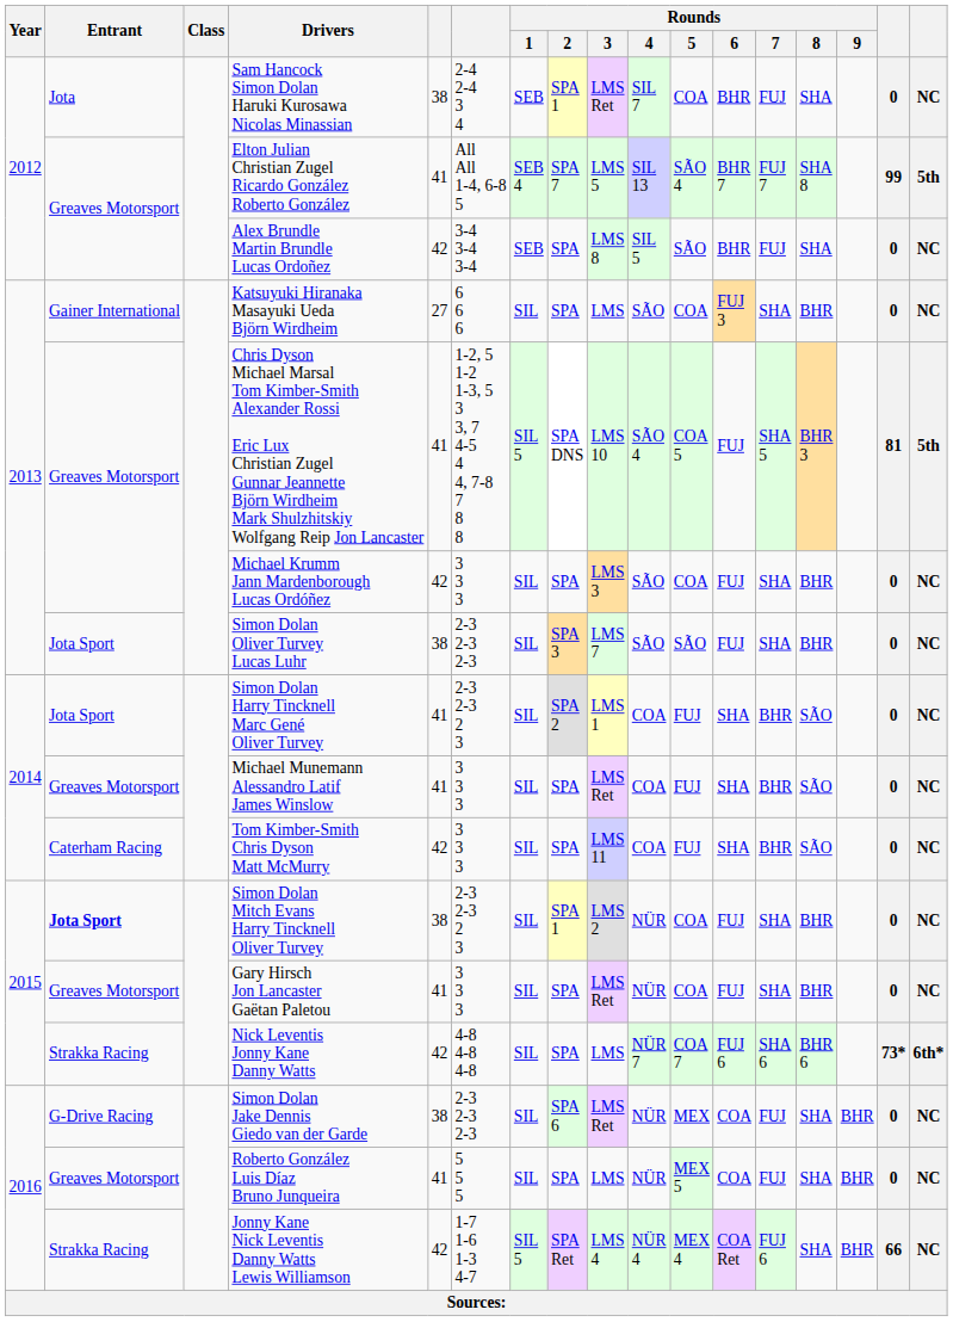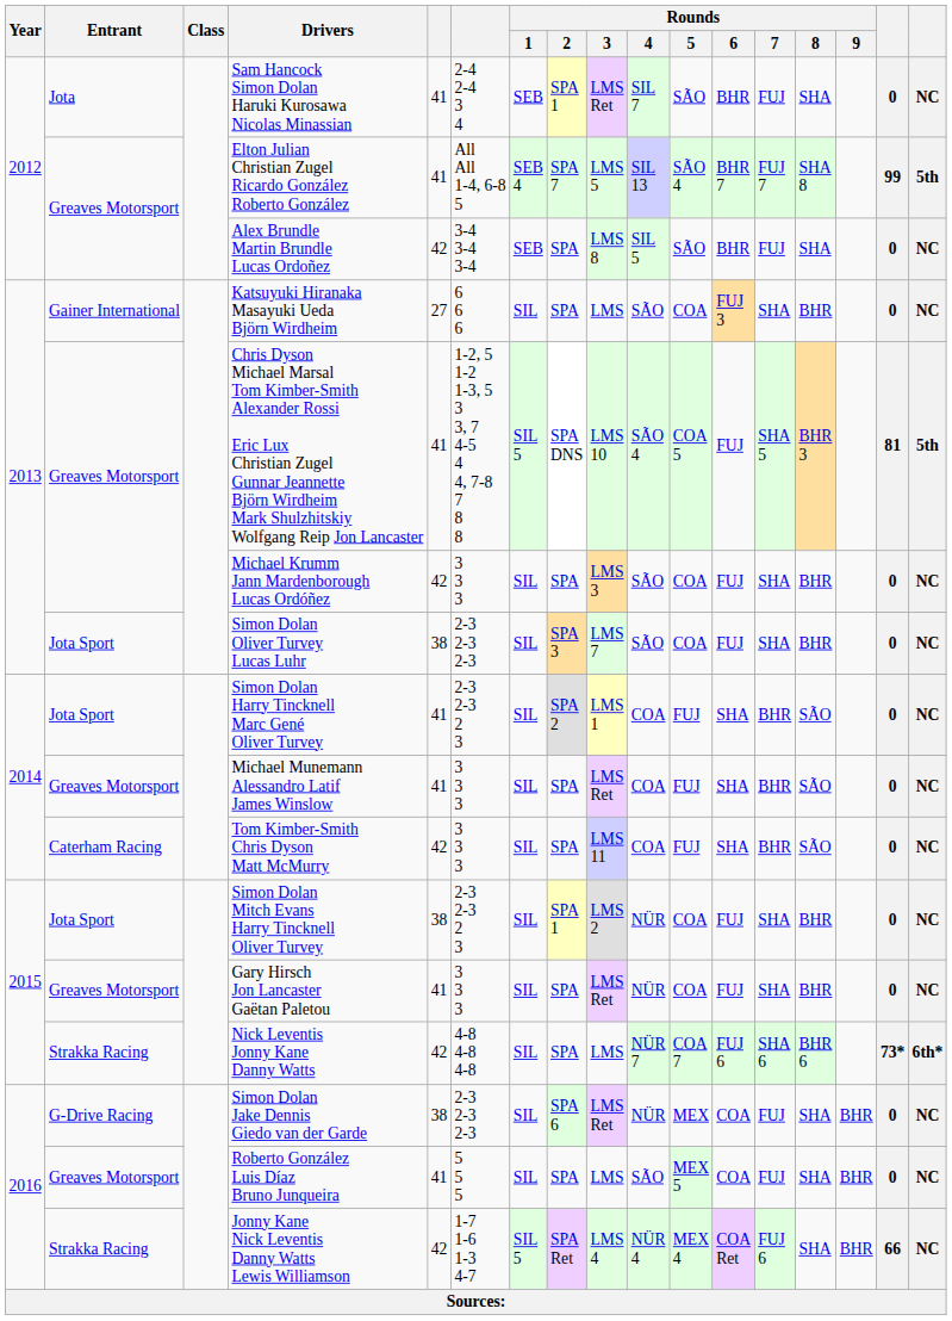 <table class="wikitable">
 <tr>
 <th rowspan="2">Year</th>
 <th rowspan="2">Entrant</th>
 <th rowspan="2">Class</th>
 <th rowspan="2">Drivers</th>
 <th rowspan="2"></th>
 <th rowspan="2"></th>
 <th colspan="9">Rounds</th>
 <th rowspan="2"></th>
 <th rowspan="2"></th>
 </tr>
 <tr>
 <th>1</th>
 <th>2</th>
 <th>3</th>
 <th>4</th>
 <th>5</th>
 <th>6</th>
 <th>7</th>
 <th>8</th>
 <th>9</th>
 </tr>
 <tr>
 <td rowspan="3"><a href='#'>2012</a></td>
 <td> <a href='#'>Jota</a></td>
 <td rowspan="3"></td>
 <td> <a href='#'>Sam Hancock</a><br> <a href='#'>Simon Dolan</a><br> Haruki Kurosawa<br> <a href='#'>Nicolas Minassian</a></td>
-<td>38</td>
+<td>41</td>
 <td>2-4<br>2-4<br>3<br>4</td>
 <td><a href='#'>SEB</a><br></td>
 <td style="background:#FFFFBF;”"><a href='#'>SPA</a><br>1</td>
 <td style="background:#EFCFFF;"><a href='#'>LMS</a><br>Ret</td>
 <td style="background:#DFFFDF;"><a href='#'>SIL</a><br>7</td>
-<td><a href='#'>COA</a><br></td>
+<td><a href='#'>SÃO</a><br></td>
 <td><a href='#'>BHR</a><br></td>
 <td><a href='#'>FUJ</a><br></td>
 <td><a href='#'>SHA</a><br></td>
 <td></td>
 <th>0</th>
 <th>NC</th>
 </tr>
 <tr>
 <td rowspan="2"> <a href='#'>Greaves Motorsport</a></td>
 <td> <a href='#'>Elton Julian</a><br> Christian Zugel<br> <a href='#'>Ricardo González</a><br> <a href='#'>Roberto González</a></td>
 <td>41</td>
 <td>All<br>All<br>1-4, 6-8<br>5</td>
 <td style="background:#DFFFDF;"><a href='#'>SEB</a><br>4</td>
 <td style="background:#DFFFDF;"><a href='#'>SPA</a><br>7</td>
 <td style="background:#DFFFDF;"><a href='#'>LMS</a><br>5</td>
 <td style="background:#CFCFFF;”"><a href='#'>SIL</a><br>13</td>
 <td style="background:#DFFFDF;"><a href='#'>SÃO</a><br>4</td>
 <td style="background:#DFFFDF;"><a href='#'>BHR</a><br>7</td>
 <td style="background:#DFFFDF;"><a href='#'>FUJ</a><br>7</td>
 <td style="background:#DFFFDF;"><a href='#'>SHA</a><br>8</td>
 <td></td>
 <th>99</th>
 <th>5th</th>
 </tr>
 <tr>
 <td> <a href='#'>Alex Brundle</a><br> <a href='#'>Martin Brundle</a><br> <a href='#'>Lucas Ordoñez</a></td>
 <td>42</td>
 <td>3-4<br>3-4<br>3-4</td>
 <td><a href='#'>SEB</a><br></td>
 <td><a href='#'>SPA</a><br></td>
 <td style="background:#DFFFDF;"><a href='#'>LMS</a><br>8</td>
 <td style="background:#DFFFDF;"><a href='#'>SIL</a><br>5</td>
 <td><a href='#'>SÃO</a><br></td>
 <td><a href='#'>BHR</a><br></td>
 <td><a href='#'>FUJ</a><br></td>
 <td><a href='#'>SHA</a><br></td>
 <td></td>
 <th>0</th>
 <th>NC</th>
 </tr>
 <tr>
 <td rowspan="4"><a href='#'>2013</a></td>
 <td> <a href='#'>Gainer International</a></td>
 <td rowspan="4"></td>
 <td> <a href='#'>Katsuyuki Hiranaka</a><br> Masayuki Ueda<br> <a href='#'>Björn Wirdheim</a></td>
 <td>27</td>
 <td>6<br>6<br>6</td>
 <td><a href='#'>SIL</a><br></td>
 <td><a href='#'>SPA</a><br></td>
 <td><a href='#'>LMS</a><br></td>
 <td><a href='#'>SÃO</a><br></td>
 <td><a href='#'>COA</a><br></td>
 <td style="background:#FFDF9F;”"><a href='#'>FUJ</a><br>3</td>
 <td><a href='#'>SHA</a><br></td>
 <td><a href='#'>BHR</a><br></td>
 <td></td>
 <th>0</th>
 <th>NC</th>
 </tr>
 <tr>
 <td rowspan="2"> <a href='#'>Greaves Motorsport</a></td>
 <td> <a href='#'>Chris Dyson</a><br> Michael Marsal<br> <a href='#'>Tom Kimber-Smith</a><br> <a href='#'>Alexander Rossi</a><br><br> <a href='#'>Eric Lux</a><br> Christian Zugel<br> <a href='#'>Gunnar Jeannette</a><br> <a href='#'>Björn Wirdheim</a><br> <a href='#'>Mark Shulzhitskiy</a><br> Wolfgang Reip  <a href='#'>Jon Lancaster</a></td>
 <td>41</td>
 <td>1-2, 5<br>1-2<br>1-3, 5<br>3<br>3, 7<br>4-5<br>4<br>4, 7-8<br>7<br>8<br>8</td>
 <td style="background:#DFFFDF;"><a href='#'>SIL</a><br>5</td>
 <td style="background:#ffffff;”"><a href='#'>SPA</a><br>DNS</td>
 <td style="background:#DFFFDF;"><a href='#'>LMS</a><br>10</td>
 <td style="background:#DFFFDF;"><a href='#'>SÃO</a><br>4</td>
 <td style="background:#DFFFDF;"><a href='#'>COA</a><br>5</td>
 <td><a href='#'>FUJ</a><br></td>
 <td style="background:#DFFFDF;"><a href='#'>SHA</a><br>5</td>
 <td style="background:#FFDF9F;”"><a href='#'>BHR</a><br>3</td>
 <td></td>
 <th>81</th>
 <th>5th</th>
 </tr>
 <tr>
 <td> <a href='#'>Michael Krumm</a><br> <a href='#'>Jann Mardenborough</a><br> <a href='#'>Lucas Ordóñez</a></td>
 <td>42</td>
 <td>3<br>3<br>3</td>
 <td><a href='#'>SIL</a><br></td>
 <td><a href='#'>SPA</a><br></td>
 <td style="background:#FFDF9F;”"><a href='#'>LMS</a><br>3</td>
 <td><a href='#'>SÃO</a><br></td>
 <td><a href='#'>COA</a><br></td>
 <td><a href='#'>FUJ</a><br></td>
 <td><a href='#'>SHA</a><br></td>
 <td><a href='#'>BHR</a><br></td>
 <td></td>
 <th>0</th>
 <th>NC</th>
 </tr>
 <tr>
 <td> <a href='#'>Jota Sport</a></td>
 <td> <a href='#'>Simon Dolan</a><br> <a href='#'>Oliver Turvey</a><br> <a href='#'>Lucas Luhr</a></td>
 <td>38</td>
 <td>2-3<br>2-3<br>2-3</td>
 <td><a href='#'>SIL</a><br></td>
 <td style="background:#FFDF9F;”"><a href='#'>SPA</a><br>3</td>
 <td style="background:#DFFFDF;"><a href='#'>LMS</a><br>7</td>
 <td><a href='#'>SÃO</a><br></td>
-<td><a href='#'>SÃO</a><br></td>
+<td><a href='#'>COA</a><br></td>
 <td><a href='#'>FUJ</a><br></td>
 <td><a href='#'>SHA</a><br></td>
 <td><a href='#'>BHR</a><br></td>
 <td></td>
 <th>0</th>
 <th>NC</th>
 </tr>
 <tr>
 <td rowspan="3"><a href='#'>2014</a></td>
 <td> <a href='#'>Jota Sport</a></td>
 <td rowspan="3"></td>
 <td> <a href='#'>Simon Dolan</a><br> <a href='#'>Harry Tincknell</a><br> <a href='#'>Marc Gené</a><br> <a href='#'>Oliver Turvey</a></td>
 <td>41</td>
 <td>2-3<br>2-3<br>2<br>3</td>
 <td><a href='#'>SIL</a><br></td>
 <td style="background:#DFDFDF;”"><a href='#'>SPA</a><br>2</td>
 <td style="background:#FFFFBF;”"><a href='#'>LMS</a><br>1</td>
 <td><a href='#'>COA</a><br></td>
 <td><a href='#'>FUJ</a><br></td>
 <td><a href='#'>SHA</a><br></td>
 <td><a href='#'>BHR</a><br></td>
 <td><a href='#'>SÃO</a><br></td>
 <td></td>
 <th>0</th>
 <th>NC</th>
 </tr>
 <tr>
 <td> <a href='#'>Greaves Motorsport</a></td>
 <td> Michael Munemann<br> <a href='#'>Alessandro Latif</a><br> <a href='#'>James Winslow</a></td>
 <td>41</td>
 <td>3<br>3<br>3</td>
 <td><a href='#'>SIL</a><br></td>
 <td><a href='#'>SPA</a><br></td>
 <td style="background:#EFCFFF;"><a href='#'>LMS</a><br>Ret</td>
 <td><a href='#'>COA</a><br></td>
 <td><a href='#'>FUJ</a><br></td>
 <td><a href='#'>SHA</a><br></td>
 <td><a href='#'>BHR</a><br></td>
 <td><a href='#'>SÃO</a><br></td>
 <td></td>
 <th>0</th>
 <th>NC</th>
 </tr>
 <tr>
 <td> <a href='#'>Caterham Racing</a></td>
 <td> <a href='#'>Tom Kimber-Smith</a><br> <a href='#'>Chris Dyson</a><br> <a href='#'>Matt McMurry</a></td>
 <td>42</td>
 <td>3<br>3<br>3</td>
 <td><a href='#'>SIL</a><br></td>
 <td><a href='#'>SPA</a><br></td>
 <td style="background:#CFCFFF;”"><a href='#'>LMS</a><br>11</td>
 <td><a href='#'>COA</a><br></td>
 <td><a href='#'>FUJ</a><br></td>
 <td><a href='#'>SHA</a><br></td>
 <td><a href='#'>BHR</a><br></td>
 <td><a href='#'>SÃO</a><br></td>
 <td></td>
 <th>0</th>
 <th>NC</th>
 </tr>
 <tr>
 <td rowspan="3"><a href='#'>2015</a></td>
-<td><strong> <a href='#'>Jota Sport</a></strong></td>
+<td> <a href='#'>Jota Sport</a></td>
 <td rowspan="3"></td>
 <td> <a href='#'>Simon Dolan</a><br> <a href='#'>Mitch Evans</a><br> <a href='#'>Harry Tincknell</a><br> <a href='#'>Oliver Turvey</a></td>
 <td>38</td>
 <td>2-3<br>2-3<br>2<br>3</td>
 <td><a href='#'>SIL</a><br></td>
 <td style="background:#FFFFBF;”"><a href='#'>SPA</a><br>1</td>
 <td style="background:#DFDFDF;”"><a href='#'>LMS</a><br>2</td>
 <td><a href='#'>NÜR</a><br></td>
 <td><a href='#'>COA</a><br></td>
 <td><a href='#'>FUJ</a><br></td>
 <td><a href='#'>SHA</a><br></td>
 <td><a href='#'>BHR</a><br></td>
 <td></td>
 <th>0</th>
 <th>NC</th>
 </tr>
 <tr>
 <td> <a href='#'>Greaves Motorsport</a></td>
 <td> Gary Hirsch<br> <a href='#'>Jon Lancaster</a><br> Gaëtan Paletou</td>
 <td>41</td>
 <td>3<br>3<br>3</td>
 <td><a href='#'>SIL</a><br></td>
 <td><a href='#'>SPA</a><br></td>
 <td style="background:#EFCFFF;"><a href='#'>LMS</a><br>Ret</td>
 <td><a href='#'>NÜR</a><br></td>
 <td><a href='#'>COA</a><br></td>
 <td><a href='#'>FUJ</a><br></td>
 <td><a href='#'>SHA</a><br></td>
 <td><a href='#'>BHR</a><br></td>
 <td></td>
 <th>0</th>
 <th>NC</th>
 </tr>
 <tr>
 <td> <a href='#'>Strakka Racing</a></td>
 <td> <a href='#'>Nick Leventis</a><br> <a href='#'>Jonny Kane</a><br> <a href='#'>Danny Watts</a></td>
 <td>42</td>
 <td>4-8<br>4-8<br>4-8</td>
 <td><a href='#'>SIL</a><br></td>
 <td><a href='#'>SPA</a><br></td>
 <td><a href='#'>LMS</a><br></td>
 <td style="background:#DFFFDF;"><a href='#'>NÜR</a><br>7</td>
 <td style="background:#DFFFDF;"><a href='#'>COA</a><br>7</td>
 <td style="background:#DFFFDF;"><a href='#'>FUJ</a><br>6</td>
 <td style="background:#DFFFDF;"><a href='#'>SHA</a><br>6</td>
 <td style="background:#DFFFDF;"><a href='#'>BHR</a><br>6</td>
 <td></td>
 <th>73*</th>
 <th>6th*</th>
 </tr>
 <tr>
 <td rowspan="3"><a href='#'>2016</a></td>
 <td> <a href='#'>G-Drive Racing</a></td>
 <td rowspan="3"></td>
 <td> <a href='#'>Simon Dolan</a><br> <a href='#'>Jake Dennis</a><br> <a href='#'>Giedo van der Garde</a></td>
 <td>38</td>
 <td>2-3<br>2-3<br>2-3</td>
 <td><a href='#'>SIL</a><br></td>
 <td style="background:#DFFFDF;"><a href='#'>SPA</a><br>6</td>
 <td style="background:#EFCFFF;"><a href='#'>LMS</a><br>Ret</td>
 <td><a href='#'>NÜR</a><br></td>
 <td><a href='#'>MEX</a><br></td>
 <td><a href='#'>COA</a><br></td>
 <td><a href='#'>FUJ</a><br></td>
 <td><a href='#'>SHA</a><br></td>
 <td><a href='#'>BHR</a><br></td>
 <th>0</th>
 <th>NC</th>
 </tr>
 <tr>
 <td> <a href='#'>Greaves Motorsport</a></td>
 <td> <a href='#'>Roberto González</a><br> <a href='#'>Luis Díaz</a><br> <a href='#'>Bruno Junqueira</a></td>
 <td>41</td>
 <td>5<br>5<br>5</td>
 <td><a href='#'>SIL</a><br></td>
 <td><a href='#'>SPA</a><br></td>
 <td><a href='#'>LMS</a><br></td>
-<td><a href='#'>NÜR</a><br></td>
+<td><a href='#'>SÃO</a><br></td>
 <td style="background:#DFFFDF;"><a href='#'>MEX</a><br>5</td>
 <td><a href='#'>COA</a><br></td>
 <td><a href='#'>FUJ</a><br></td>
 <td><a href='#'>SHA</a><br></td>
 <td><a href='#'>BHR</a><br></td>
 <th>0</th>
 <th>NC</th>
 </tr>
 <tr>
 <td> <a href='#'>Strakka Racing</a></td>
 <td> <a href='#'>Jonny Kane</a><br> <a href='#'>Nick Leventis</a><br> <a href='#'>Danny Watts</a><br> <a href='#'>Lewis Williamson</a></td>
 <td>42</td>
 <td>1-7<br>1-6<br>1-3<br>4-7</td>
 <td style="background:#DFFFDF;"><a href='#'>SIL</a><br>5</td>
 <td style="background:#EFCFFF;"><a href='#'>SPA</a><br>Ret</td>
 <td style="background:#DFFFDF;"><a href='#'>LMS</a><br>4</td>
 <td style="background:#DFFFDF;"><a href='#'>NÜR</a><br>4</td>
 <td style="background:#DFFFDF;"><a href='#'>MEX</a><br>4</td>
 <td style="background:#EFCFFF;"><a href='#'>COA</a><br>Ret</td>
 <td style="background:#DFFFDF;"><a href='#'>FUJ</a><br>6</td>
 <td><a href='#'>SHA</a><br></td>
 <td><a href='#'>BHR</a><br></td>
 <th>66</th>
 <th>NC</th>
 </tr>
 <tr>
 <th colspan="17">Sources:</th>
 </tr>
 </table>
